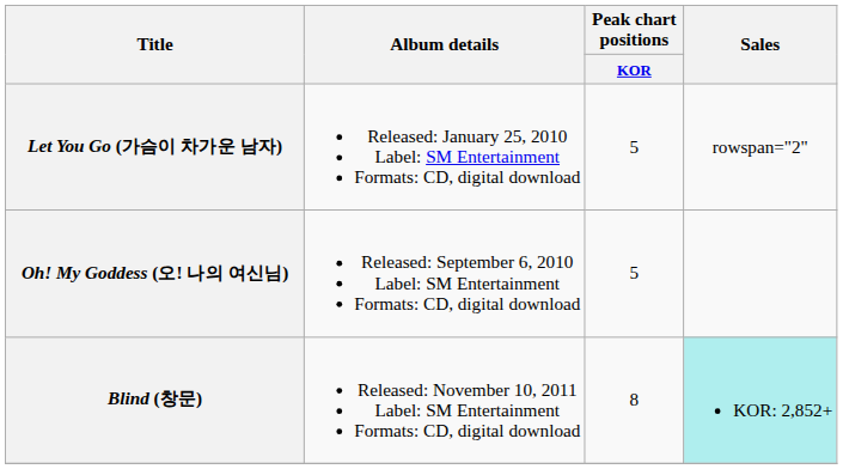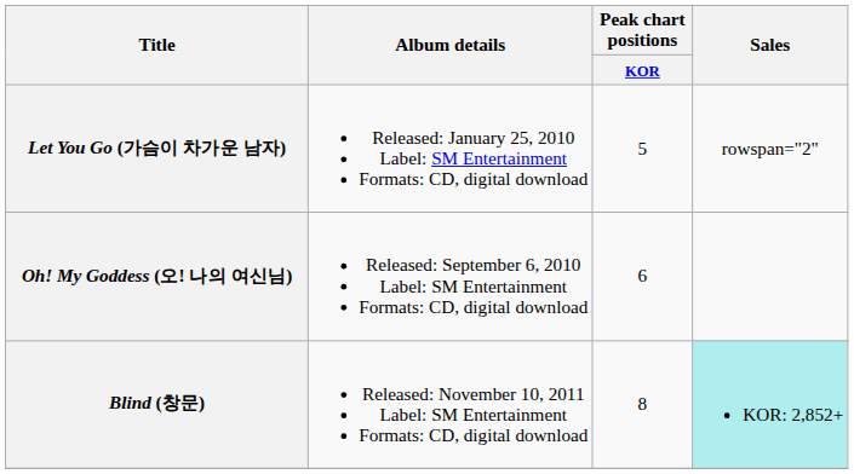 <table class="wikitable plainrowheaders" style="text-align:center;">
 <tr>
 <th scope="col" rowspan="2" style="width:16em;">Title</th>
 <th rowspan="2" scope="col">Album details</th>
 <th scope="col" colspan="1" style="width:5em;">Peak chart positions</th>
 <th rowspan="2" scope="col">Sales</th>
 </tr>
 <tr>
 <th><small><a href='#'>KOR</a></small><br></th>
 </tr>
 <tr>
 <th scope="row"><em>Let You Go</em> (가슴이 차가운 남자)</th>
 <td><br><ul><li>Released: January 25, 2010</li><li>Label: <a href='#'>SM Entertainment</a></li><li>Formats: CD, digital download</li></ul></td>
 <td>5</td>
 <td>rowspan="2" </td>
 </tr>
 <tr>
 <th scope="row"><em>Oh! My Goddess</em>  (오! 나의 여신님)</th>
 <td><br><ul><li>Released: September 6, 2010</li><li>Label: SM Entertainment</li><li>Formats: CD, digital download</li></ul></td>
-<td>5</td>
+<td>6</td>
 </tr>
 <tr>
 <th scope="row"><em>Blind</em> (창문)</th>
 <td><br><ul><li>Released: November 10, 2011</li><li>Label: SM Entertainment</li><li>Formats: CD, digital download</li></ul></td>
 <td>8</td>
 <td style="background: paleturquoise;"><br><ul><li>KOR: 2,852+</li></ul></td>
 </tr>
 <tr>
 </tr>
 </table>
